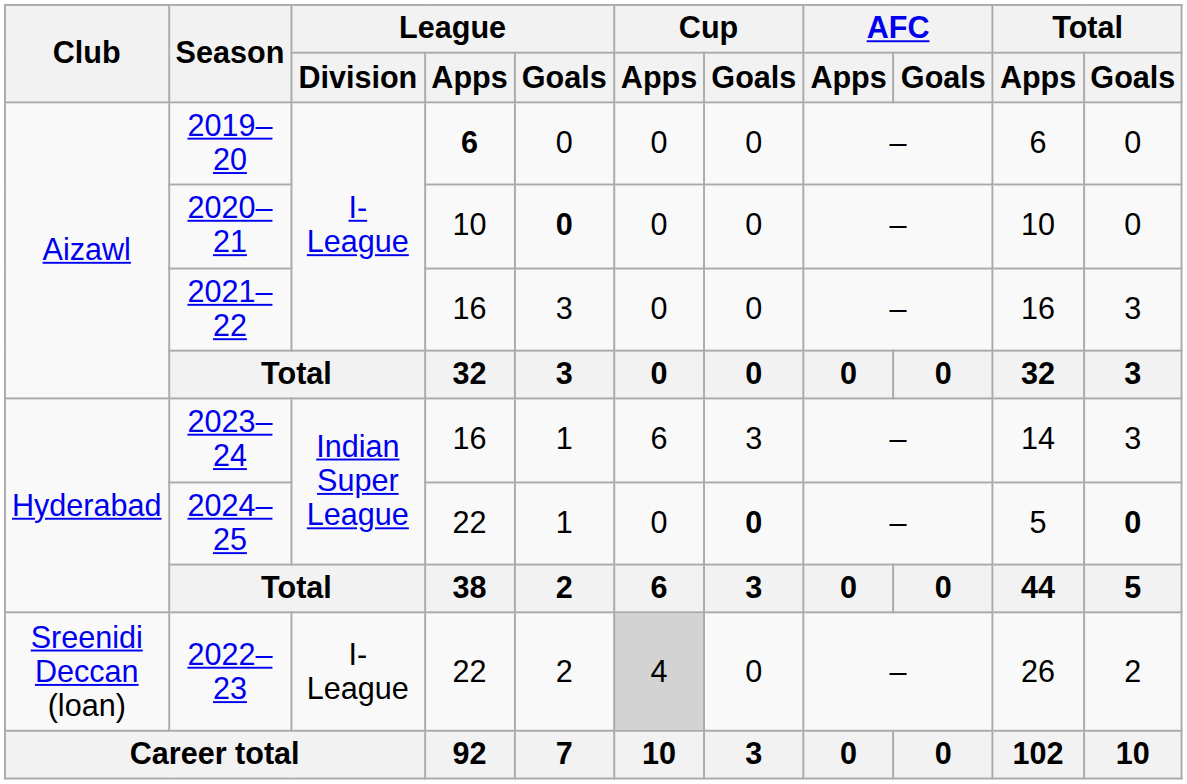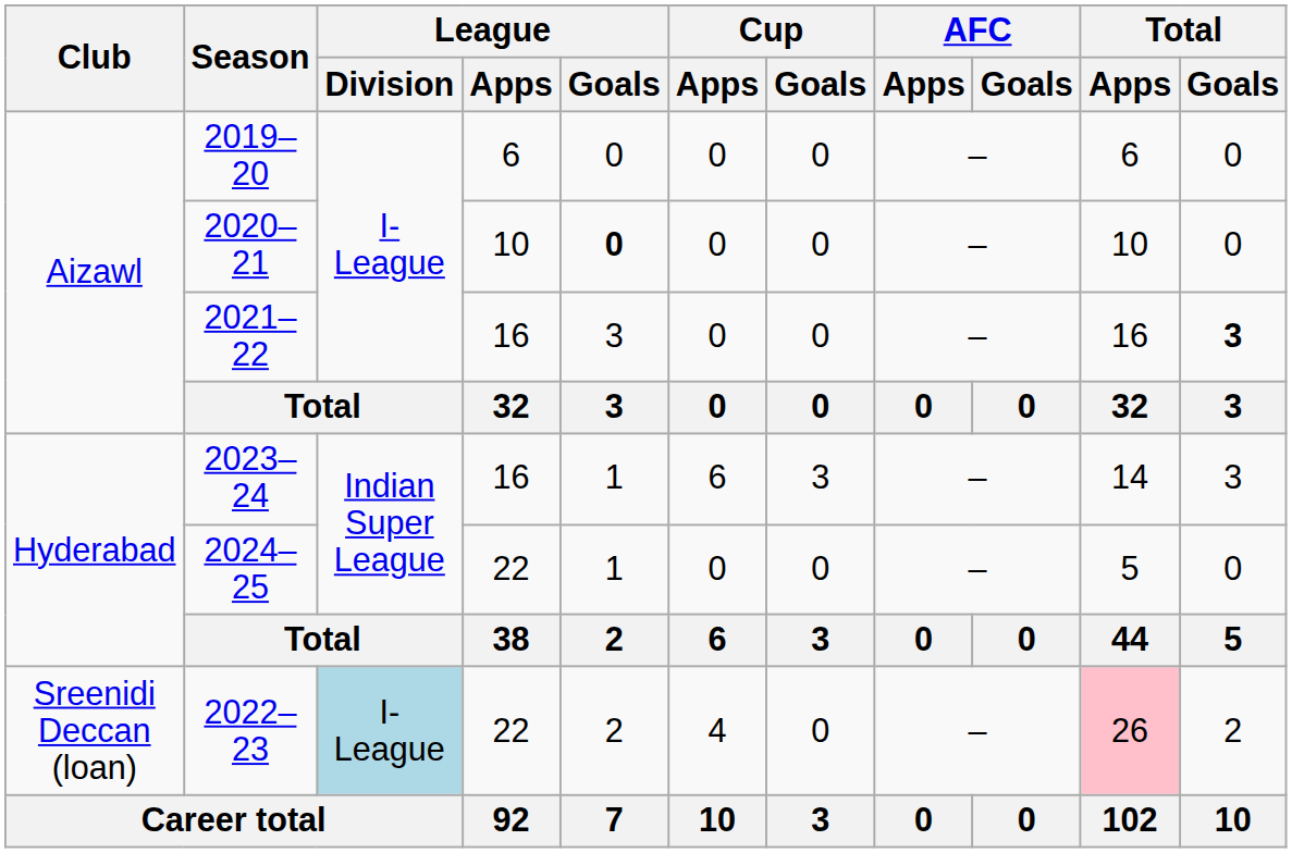 <table class="wikitable" style="text-align: center;">
 <tr>
 <th rowspan="2">Club</th>
 <th rowspan="2">Season</th>
 <th colspan="3">League</th>
 <th colspan="2">Cup</th>
 <th colspan="2"><a href='#'>AFC</a></th>
 <th colspan="2">Total</th>
 </tr>
 <tr>
 <th>Division</th>
 <th>Apps</th>
 <th>Goals</th>
 <th>Apps</th>
 <th>Goals</th>
 <th>Apps</th>
 <th>Goals</th>
 <th>Apps</th>
 <th>Goals</th>
 </tr>
 <tr>
 <td rowspan="4"><a href='#'>Aizawl</a></td>
 <td><a href='#'>2019–20</a></td>
 <td rowspan="3"><a href='#'>I-League</a></td>
-<td><strong>6</strong></td>
+<td>6</td>
 <td>0</td>
 <td>0</td>
 <td>0</td>
 <td colspan="2">–</td>
 <td>6</td>
 <td>0</td>
 </tr>
 <tr>
 <td><a href='#'>2020–21</a></td>
 <td>10</td>
 <td><strong>0</strong></td>
 <td>0</td>
 <td>0</td>
 <td colspan="2">–</td>
 <td>10</td>
 <td>0</td>
 </tr>
 <tr>
 <td><a href='#'>2021–22</a></td>
 <td>16</td>
 <td>3</td>
 <td>0</td>
 <td>0</td>
 <td colspan="2">–</td>
 <td>16</td>
-<td>3</td>
+<td><strong>3</strong></td>
 </tr>
 <tr>
 <th colspan="2">Total</th>
 <th>32</th>
 <th>3</th>
 <th>0</th>
 <th>0</th>
 <th>0</th>
 <th>0</th>
 <th>32</th>
 <th>3</th>
 </tr>
 <tr>
 <td rowspan="3"><a href='#'>Hyderabad</a></td>
 <td><a href='#'>2023–24</a></td>
 <td rowspan="2"><a href='#'>Indian Super League</a></td>
 <td>16</td>
 <td>1</td>
 <td>6</td>
 <td>3</td>
 <td colspan="2">–</td>
 <td>14</td>
 <td>3</td>
 </tr>
 <tr>
 <td><a href='#'>2024–25</a></td>
 <td>22</td>
 <td>1</td>
 <td>0</td>
-<td><strong>0</strong></td>
+<td>0</td>
 <td colspan="2">–</td>
 <td>5</td>
-<td><strong>0</strong></td>
+<td>0</td>
 </tr>
 <tr>
 <th colspan="2">Total</th>
 <th>38</th>
 <th>2</th>
 <th>6</th>
 <th>3</th>
 <th>0</th>
 <th>0</th>
 <th>44</th>
 <th>5</th>
 </tr>
 <tr>
 <td rowspan="1"><a href='#'>Sreenidi Deccan</a> (loan)</td>
 <td><a href='#'>2022–23</a></td>
-<td rowspan="1">I-League</td>
+<td rowspan="1" style="background: lightblue;">I-League</td>
 <td>22</td>
 <td>2</td>
-<td style="background: lightgrey;">4</td>
+<td>4</td>
 <td>0</td>
 <td colspan="2">–</td>
-<td>26</td>
+<td style="background: pink;">26</td>
 <td>2</td>
 </tr>
 <tr>
 <th colspan="3">Career total</th>
 <th>92</th>
 <th>7</th>
 <th>10</th>
 <th>3</th>
 <th>0</th>
 <th>0</th>
 <th>102</th>
 <th>10</th>
 </tr>
 </table>
